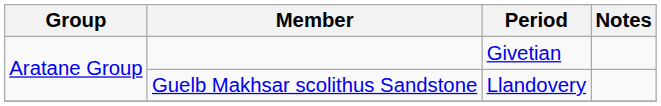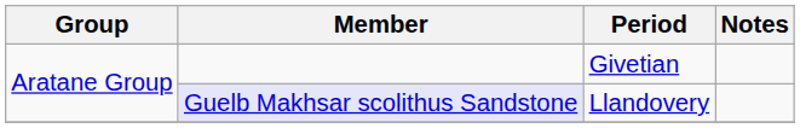 <table class="wikitable sortable">
 <tr>
 <th>Group</th>
 <th>Member</th>
 <th>Period</th>
 <th class="unsortable">Notes</th>
 </tr>
 <tr>
 <td rowspan=2><a href='#'>Aratane Group</a></td>
 <td></td>
 <td style="background-color: "><a href='#'>Givetian</a></td>
 <td align=center></td>
 </tr>
 <tr>
-<td><a href='#'>Guelb Makhsar scolithus Sandstone</a></td>
+<td style="background: lavender;"><a href='#'>Guelb Makhsar scolithus Sandstone</a></td>
 <td style="background-color: "><a href='#'>Llandovery</a></td>
 <td align=center></td>
 </tr>
 <tr>
 </tr>
 </table>
